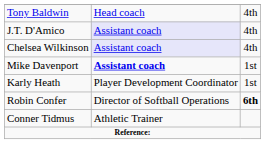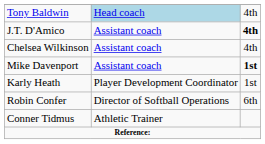 <table class="wikitable" style="font-size:93%;">
 <tr>
 </tr>
 <tr>
 <td><a href='#'>Tony Baldwin</a></td>
-<td><a href='#'>Head coach</a></td>
+<td style="background: lightblue;"><a href='#'>Head coach</a></td>
 <td align=center>4th</td>
 </tr>
 <tr>
 <td>J.T. D'Amico</td>
-<td style="background: lavender;"><a href='#'>Assistant coach</a></td>
-<td align=center>4th</td>
+<td><a href='#'>Assistant coach</a></td>
+<td align=center><strong>4th</strong></td>
 </tr>
 <tr>
 <td>Chelsea Wilkinson</td>
-<td style="background: lavender;"><a href='#'>Assistant coach</a></td>
+<td><a href='#'>Assistant coach</a></td>
 <td align=center>4th</td>
 </tr>
 <tr>
 <td>Mike Davenport</td>
-<td><strong><a href='#'>Assistant coach</a></strong></td>
-<td align=center>1st</td>
+<td><a href='#'>Assistant coach</a></td>
+<td align=center><strong>1st</strong></td>
 </tr>
 <tr>
 <td>Karly Heath</td>
 <td>Player Development Coordinator</td>
 <td align=center>1st</td>
 </tr>
 <tr>
 <td>Robin Confer</td>
 <td>Director of Softball Operations</td>
-<td align=center><strong>6th</strong></td>
+<td align=center>6th</td>
 </tr>
 <tr>
 <td>Conner Tidmus</td>
 <td>Athletic Trainer</td>
 <td align=center></td>
 </tr>
 <tr>
 <td colspan="4"  style="font-size:8pt; text-align:center;"><strong>Reference:</strong></td>
 </tr>
 </table>
